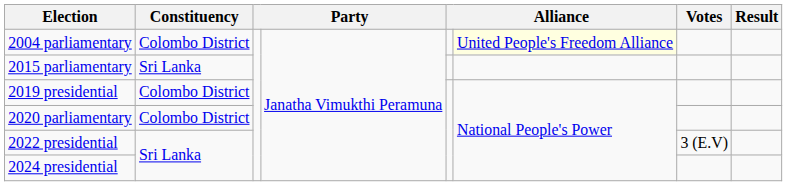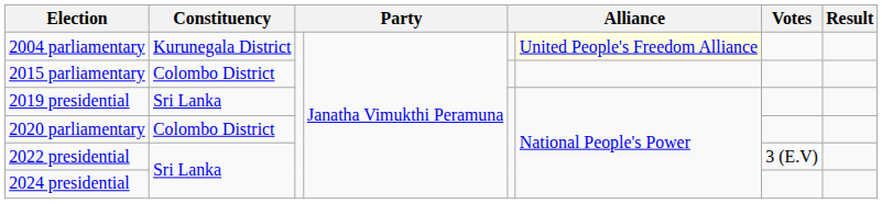 <table class="wikitable" style="text-align:left;">
 <tr>
 <th scope=col>Election</th>
 <th scope=col>Constituency</th>
 <th scope=col colspan="2">Party</th>
 <th scope=col colspan="2">Alliance</th>
 <th scope=col>Votes</th>
 <th scope=col>Result</th>
 </tr>
 <tr>
 <td><a href='#'>2004 parliamentary</a></td>
-<td><a href='#'>Colombo District</a></td>
+<td><a href='#'>Kurunegala District</a></td>
 <td rowspan="6" style="background:"></td>
 <td rowspan="6"><a href='#'>Janatha Vimukthi Peramuna</a></td>
 <td style="background:"></td>
 <td style="background: lightyellow;"><a href='#'>United People's Freedom Alliance</a></td>
 <td align=right></td>
 <td></td>
 </tr>
 <tr>
 <td><a href='#'>2015 parliamentary</a></td>
-<td><a href='#'>Sri Lanka</a></td>
+<td><a href='#'>Colombo District</a></td>
 <td></td>
 <td></td>
 <td align="right"></td>
 <td></td>
 </tr>
 <tr>
 <td><a href='#'>2019 presidential</a></td>
-<td><a href='#'>Colombo District</a></td>
+<td><a href='#'>Sri Lanka</a></td>
 <td rowspan="4" style="background:"></td>
 <td rowspan="4"><a href='#'>National People's Power</a></td>
 <td align=right></td>
 <td></td>
 </tr>
 <tr>
 <td><a href='#'>2020 parliamentary</a></td>
 <td><a href='#'>Colombo District</a></td>
 <td align="right"></td>
 <td></td>
 </tr>
 <tr>
 <td><a href='#'>2022 presidential</a></td>
 <td rowspan="2"><a href='#'>Sri Lanka</a></td>
 <td align="right">3 (E.V)</td>
 <td></td>
 </tr>
 <tr>
 <td><a href='#'>2024 presidential</a></td>
 <td align="center"></td>
 <td></td>
 </tr>
 </table>
